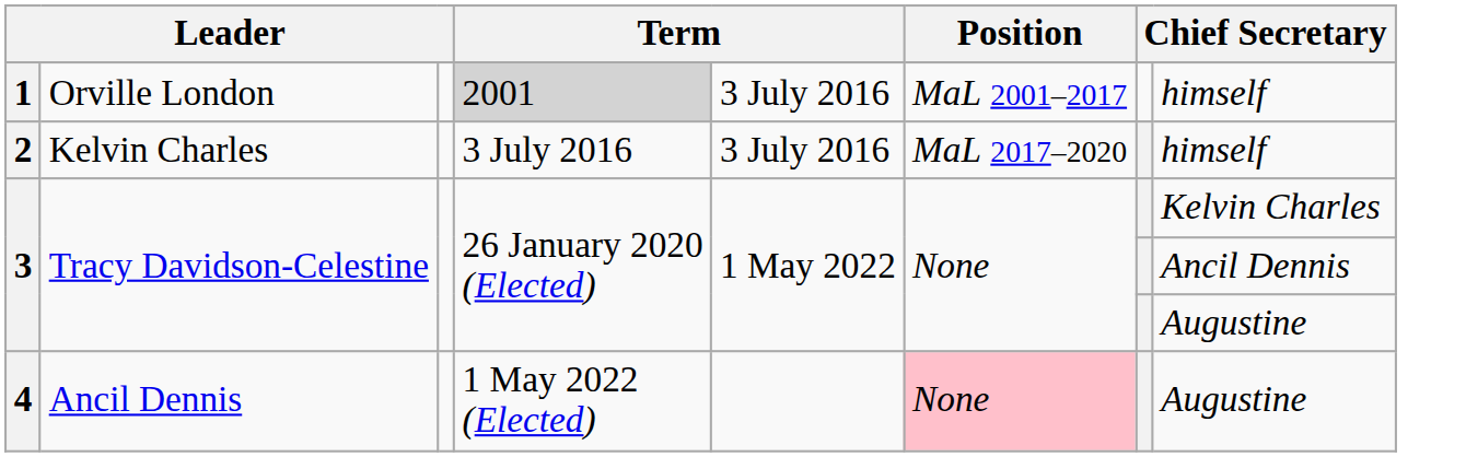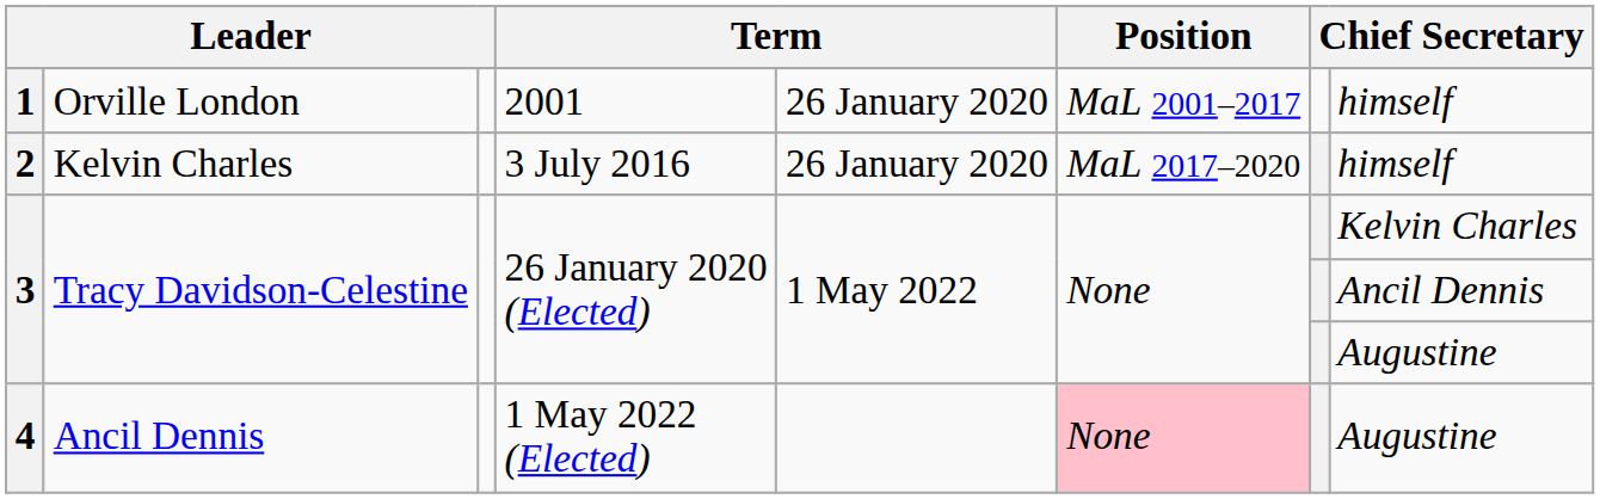 <table class="wikitable">
 <tr>
 <th colspan="3">Leader</th>
 <th colspan="2">Term</th>
 <th>Position</th>
 <th colspan="2">Chief Secretary</th>
 </tr>
 <tr>
 <th style="background-color: "><strong>1</strong></th>
 <td>Orville London</td>
 <td></td>
-<td style="background: lightgrey;">2001</td>
-<td>3 July 2016</td>
+<td>2001</td>
+<td>26 January 2020</td>
 <td><em>MaL</em> <small><a href='#'>2001</a>–<a href='#'>2017</a></small></td>
 <td style="background-color: "></td>
 <td><em>himself</em></td>
 </tr>
 <tr>
 <th style="background-color: "><strong>2</strong></th>
 <td>Kelvin Charles</td>
 <td></td>
 <td>3 July 2016</td>
-<td>3 July 2016</td>
+<td>26 January 2020</td>
 <td><em>MaL</em> <small><a href='#'>2017</a>–2020</small></td>
 <th style="background-color: "></th>
 <td><em>himself</em></td>
 </tr>
 <tr>
 <th rowspan="3" style="background-color: "><strong>3</strong></th>
 <td rowspan="3"><a href='#'>Tracy Davidson-Celestine</a></td>
 <td rowspan="3"></td>
 <td rowspan="3">26 January 2020<br><em>(<a href='#'>Elected</a>)</em></td>
 <td rowspan="3">1 May 2022</td>
 <td rowspan="3"><em>None</em></td>
 <th style="background-color: "></th>
 <td><em>Kelvin Charles</em></td>
 </tr>
 <tr>
 <th style="background-color: "></th>
 <td><em>Ancil Dennis</em></td>
 </tr>
 <tr>
 <th style="background-color: "></th>
 <td><em>Augustine</em></td>
 </tr>
 <tr>
 <th style="background-color: "><strong>4</strong></th>
 <td><a href='#'>Ancil Dennis</a></td>
 <td></td>
 <td>1 May 2022<br><em>(<a href='#'>Elected</a>)</em></td>
 <td></td>
 <td style="background: pink;"><em>None</em></td>
 <th style="background-color: "></th>
 <td><em>Augustine</em></td>
 </tr>
 </table>
